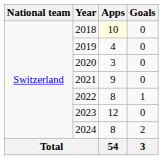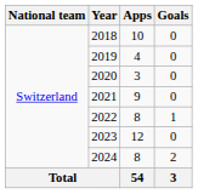 <table class="wikitable" style="text-align:center">
 <tr>
 <th>National team</th>
 <th>Year</th>
 <th>Apps</th>
 <th>Goals</th>
 </tr>
 <tr>
 <td rowspan="7"><a href='#'>Switzerland</a></td>
 <td>2018</td>
-<td style="background: lightyellow;">10</td>
+<td>10</td>
 <td>0</td>
 </tr>
 <tr>
 <td>2019</td>
 <td>4</td>
 <td>0</td>
 </tr>
 <tr>
 <td>2020</td>
 <td>3</td>
 <td>0</td>
 </tr>
 <tr>
 <td>2021</td>
 <td>9</td>
 <td>0</td>
 </tr>
 <tr>
 <td>2022</td>
 <td>8</td>
 <td>1</td>
 </tr>
 <tr>
 <td>2023</td>
 <td>12</td>
 <td>0</td>
 </tr>
 <tr>
 <td>2024</td>
 <td>8</td>
 <td>2</td>
 </tr>
 <tr>
 <th colspan="2">Total</th>
 <th>54</th>
 <th>3</th>
 </tr>
 </table>
